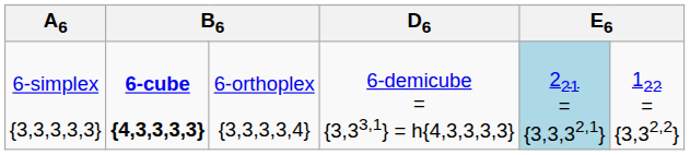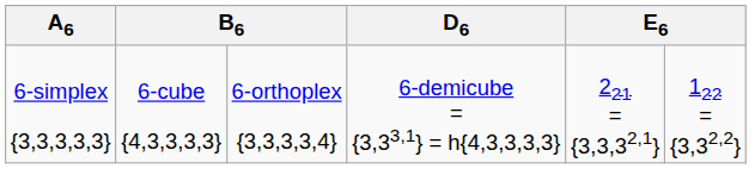 <table class=wikitable>
 <tr>
 <th>A<sub>6</sub></th>
 <th colspan=2>B<sub>6</sub></th>
 <th>D<sub>6</sub></th>
 <th colspan=2>E<sub>6</sub></th>
 </tr>
 <tr align=center>
 <td><br><a href='#'>6-simplex</a><br><br>{3,3,3,3,3}</td>
-<td><strong><br><a href='#'>6-cube</a><br><br>{4,3,3,3,3}</strong></td>
+<td><br><a href='#'>6-cube</a><br><br>{4,3,3,3,3}</td>
 <td><br><a href='#'>6-orthoplex</a><br><br>{3,3,3,3,4}</td>
 <td><br><a href='#'>6-demicube</a><br> = <br>{3,3<sup>3,1</sup>} = h{4,3,3,3,3}</td>
-<td style="background: lightblue;"><br><a href='#'>2<sub>21</sub></a><br> = <br>{3,3,3<sup>2,1</sup>}</td>
+<td><br><a href='#'>2<sub>21</sub></a><br> = <br>{3,3,3<sup>2,1</sup>}</td>
 <td><br><a href='#'>1<sub>22</sub></a><br> = <br>{3,3<sup>2,2</sup>}</td>
 </tr>
 </table>
